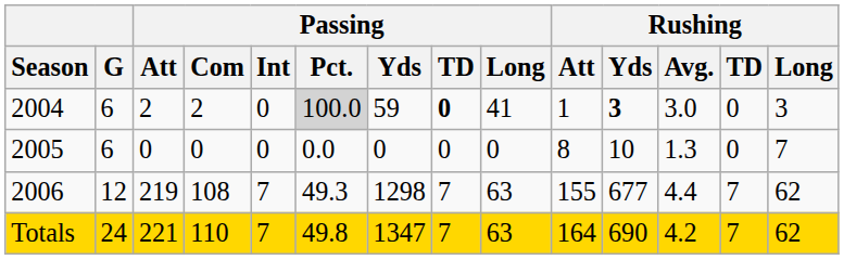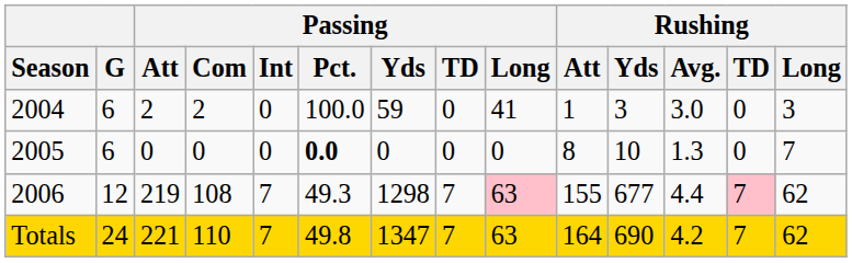 <table class="wikitable">
 <tr>
 <th colspan="2"></th>
 <th colspan="7">Passing</th>
 <th colspan="5">Rushing</th>
 </tr>
 <tr>
 <th>Season</th>
 <th>G</th>
 <th>Att</th>
 <th>Com</th>
 <th>Int</th>
 <th>Pct.</th>
 <th>Yds</th>
 <th>TD</th>
 <th>Long</th>
 <th>Att</th>
 <th>Yds</th>
 <th>Avg.</th>
 <th>TD</th>
 <th>Long</th>
 </tr>
 <tr>
 <td>2004</td>
 <td>6</td>
 <td>2</td>
 <td>2</td>
 <td>0</td>
-<td style="background: lightgrey;">100.0</td>
+<td>100.0</td>
 <td>59</td>
-<td><strong>0</strong></td>
+<td>0</td>
 <td>41</td>
 <td>1</td>
-<td><strong>3</strong></td>
+<td>3</td>
 <td>3.0</td>
 <td>0</td>
 <td>3</td>
 </tr>
 <tr>
 <td>2005</td>
 <td>6</td>
 <td>0</td>
 <td>0</td>
 <td>0</td>
-<td>0.0</td>
+<td><strong>0.0</strong></td>
 <td>0</td>
 <td>0</td>
 <td>0</td>
 <td>8</td>
 <td>10</td>
 <td>1.3</td>
 <td>0</td>
 <td>7</td>
 </tr>
 <tr>
 <td>2006</td>
 <td>12</td>
 <td>219</td>
 <td>108</td>
 <td>7</td>
 <td>49.3</td>
 <td>1298</td>
 <td>7</td>
-<td>63</td>
+<td style="background: pink;">63</td>
 <td>155</td>
 <td>677</td>
 <td>4.4</td>
-<td>7</td>
+<td style="background: pink;">7</td>
 <td>62</td>
 </tr>
 <tr style="background: gold;">
 <td>Totals</td>
 <td>24</td>
 <td>221</td>
 <td>110</td>
 <td>7</td>
 <td>49.8</td>
 <td>1347</td>
 <td>7</td>
 <td>63</td>
 <td>164</td>
 <td>690</td>
 <td>4.2</td>
 <td>7</td>
 <td>62</td>
 </tr>
 </table>
